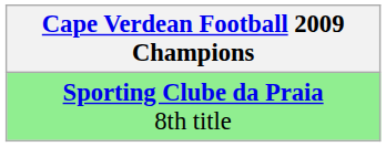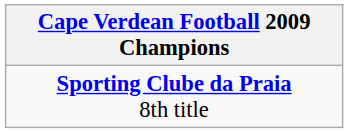 <table class="wikitable" style="margin: 0 auto; width: 240px;">
 <tr>
 <th><a href='#'>Cape Verdean Football</a> 2009<br>Champions</th>
 </tr>
 <tr>
-<td align=center style="background: lightgreen;"><strong><a href='#'>Sporting Clube da Praia</a></strong><br>8th title</td>
+<td align=center><strong><a href='#'>Sporting Clube da Praia</a></strong><br>8th title</td>
 </tr>
 </table>
